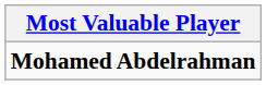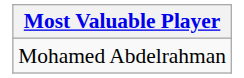 <table class=wikitable style="text-align:center; margin:auto">
 <tr>
 <th><a href='#'>Most Valuable Player</a></th>
 </tr>
 <tr>
-<td><strong> Mohamed Abdelrahman</strong></td>
+<td> Mohamed Abdelrahman</td>
 </tr>
 </table>
